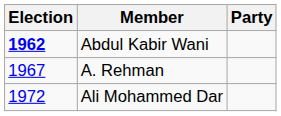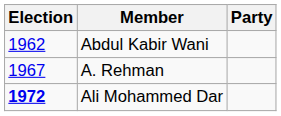 <table class="wikitable sortable">
 <tr>
 <th>Election</th>
 <th>Member</th>
 <th colspan=2>Party</th>
 </tr>
 <tr>
-<td><strong><a href='#'>1962</a></strong></td>
+<td><a href='#'>1962</a></td>
 <td>Abdul Kabir Wani</td>
 <td></td>
 </tr>
 <tr>
 <td><a href='#'>1967</a></td>
 <td>A. Rehman</td>
 <td></td>
 </tr>
 <tr>
-<td><a href='#'>1972</a></td>
+<td><strong><a href='#'>1972</a></strong></td>
 <td>Ali Mohammed Dar</td>
 <td></td>
 </tr>
 </table>
